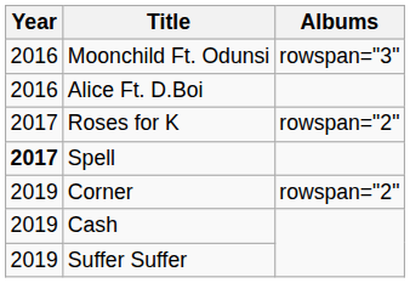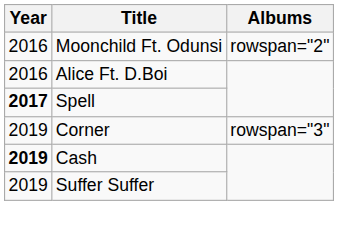 <table class="wikitable">
 <tr>
 <th>Year</th>
 <th>Title</th>
 <th>Albums</th>
 </tr>
 <tr>
 <td>2016</td>
 <td>Moonchild Ft. Odunsi</td>
-<td>rowspan="3" </td>
+<td>rowspan="2" </td>
 </tr>
 <tr>
 <td>2016</td>
 <td>Alice Ft. D.Boi</td>
-</tr>
-<tr>
-<td>2017</td>
-<td>Roses for K</td>
-<td>rowspan="2" </td>
 </tr>
 <tr>
 <td><strong>2017</strong></td>
 <td>Spell</td>
 </tr>
 <tr>
 <td>2019</td>
 <td>Corner</td>
-<td>rowspan="2" </td>
+<td>rowspan="3" </td>
 </tr>
 <tr>
-<td>2019</td>
+<td><strong>2019</strong></td>
 <td>Cash</td>
 </tr>
 <tr>
 <td>2019</td>
 <td>Suffer Suffer</td>
 </tr>
 </table>
